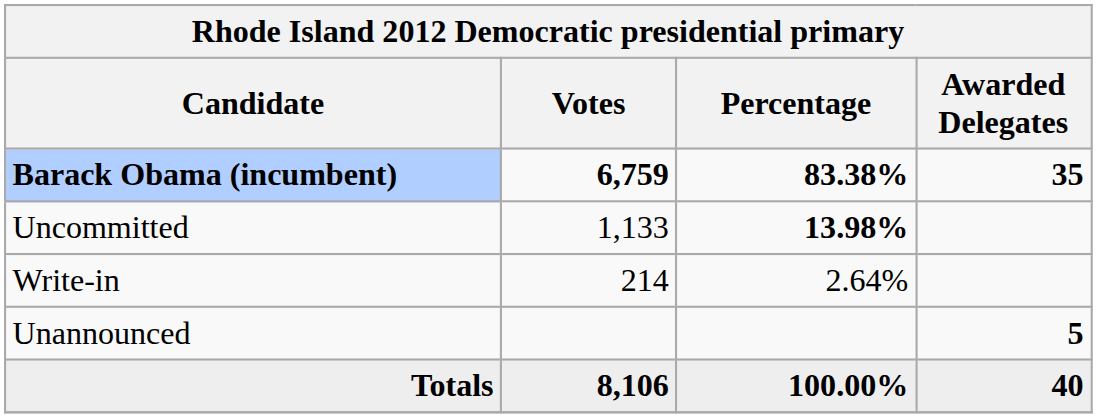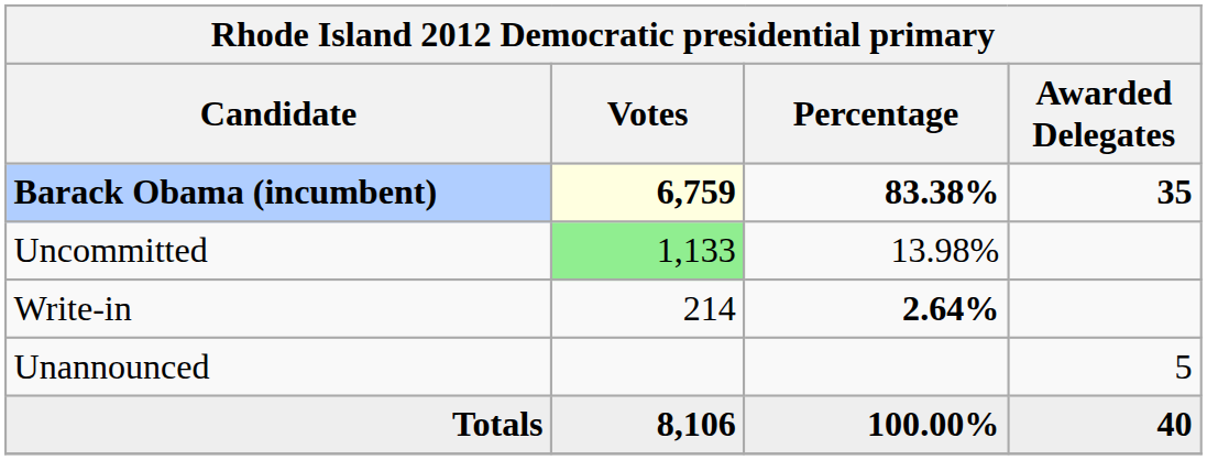 <table class="wikitable" style="font-size: 95%;">
 <tr>
 <th colspan="6">Rhode Island 2012 Democratic presidential primary</th>
 </tr>
 <tr>
 <th style="width: 15em">Candidate</th>
 <th style="width: 5em">Votes</th>
 <th style="width: 7em">Percentage</th>
 <th style="width: 5em">Awarded Delegates</th>
 </tr>
 <tr>
 <td style="width: 130px;font-weight:bold;background:#B0CEFF"><strong>Barack Obama</strong> <strong>(incumbent)</strong></td>
-<td align="right" style="font-weight:bold"><strong>6,759</strong></td>
+<td align="right" style="background: lightyellow; font-weight:bold"><strong>6,759</strong></td>
 <td align="right" style="font-weight:bold"><strong>83.38%</strong></td>
 <td align="right" style="font-weight:bold"><strong>35</strong></td>
 </tr>
 <tr>
 <td style="width: 130px;">Uncommitted</td>
-<td align="right">1,133</td>
-<td align="right"><strong>13.98%</strong></td>
+<td align="right" style="background: lightgreen;">1,133</td>
+<td align="right">13.98%</td>
 <td align="right"></td>
 </tr>
 <tr>
 <td style="width: 130px;">Write-in</td>
 <td align="right">214</td>
-<td align="right">2.64%</td>
+<td align="right"><strong>2.64%</strong></td>
 <td align="right"></td>
 </tr>
 <tr>
 <td style="width: 130px;">Unannounced</td>
 <td align="right"></td>
 <td align="right"></td>
-<td align="right"><strong>5</strong></td>
+<td align="right">5</td>
 </tr>
 <tr bgcolor="#EEEEEE">
 <td align="right"><strong>Totals</strong></td>
 <td align="right"><strong>8,106</strong></td>
 <td align="right"><strong>100.00%</strong></td>
 <td align="right"><strong>40</strong></td>
 </tr>
 <tr bgcolor="#EEEEEE">
 </tr>
 </table>
